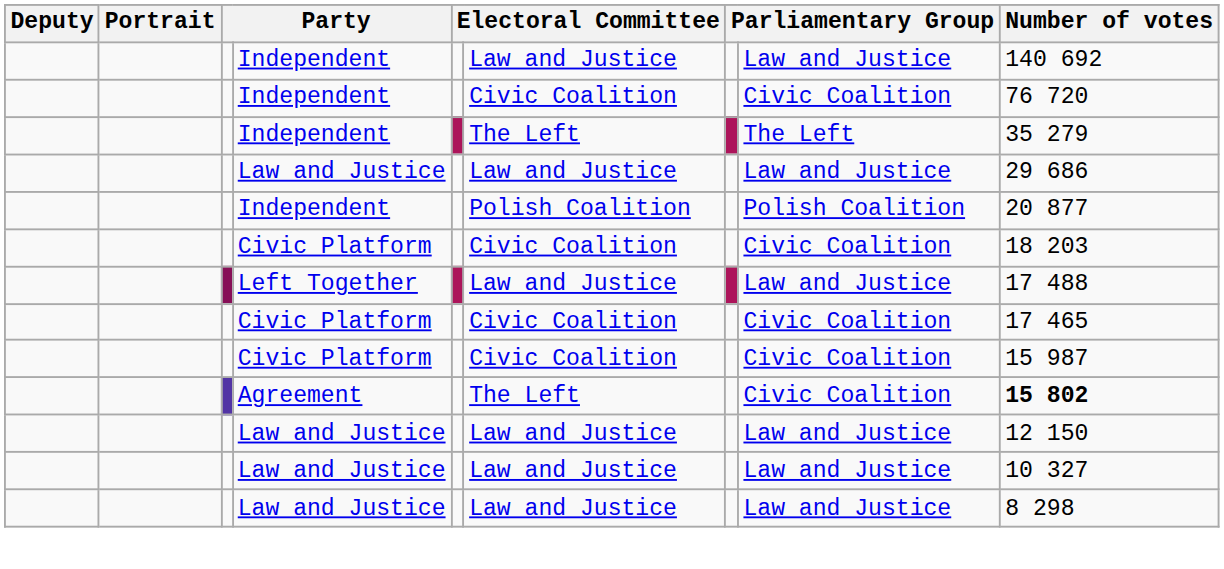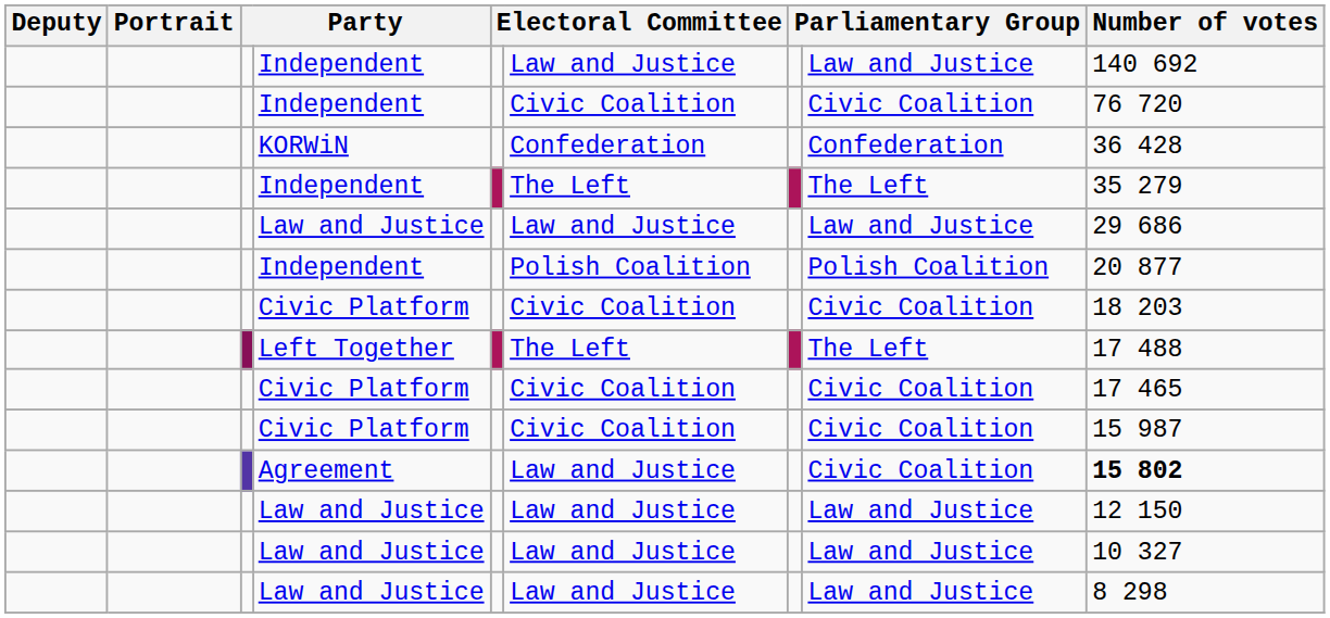 <table class="wikitable sortable" style="font-size:95%;line-height:14px;">
 <tr>
 <th>Deputy</th>
 <th>Portrait</th>
 <th colspan="2">Party</th>
 <th colspan="2">Electoral Committee</th>
 <th colspan="2">Parliamentary Group</th>
 <th>Number of votes</th>
 </tr>
 <tr>
 <td></td>
 <td></td>
 <td style="background:"></td>
 <td><a href='#'>Independent</a></td>
 <td style="background:"></td>
 <td><a href='#'>Law and Justice</a></td>
 <td style="background:"></td>
 <td><a href='#'>Law and Justice</a></td>
 <td>140 692</td>
 </tr>
 <tr>
 <td></td>
 <td></td>
 <td style="background:"></td>
 <td><a href='#'>Independent</a></td>
 <td style="background:"></td>
 <td><a href='#'>Civic Coalition</a></td>
 <td style="background:"></td>
 <td><a href='#'>Civic Coalition</a></td>
 <td>76 720</td>
+</tr>
+<tr>
+<td></td>
+<td></td>
+<td style="background:"></td>
+<td><a href='#'>KORWiN</a></td>
+<td style="background:"></td>
+<td><a href='#'>Confederation</a></td>
+<td style="background:"></td>
+<td><a href='#'>Confederation</a></td>
+<td>36 428</td>
 </tr>
 <tr>
 <td></td>
 <td></td>
 <td style="background:"></td>
 <td><a href='#'>Independent</a></td>
 <td style="background:#AC145A;"></td>
 <td><a href='#'>The Left</a></td>
 <td style="background:#AC145A;"></td>
 <td><a href='#'>The Left</a></td>
 <td>35 279</td>
 </tr>
 <tr>
 <td></td>
 <td></td>
 <td style="background:"></td>
 <td><a href='#'>Law and Justice</a></td>
 <td style="background:"></td>
 <td><a href='#'>Law and Justice</a></td>
 <td style="background:"></td>
 <td><a href='#'>Law and Justice</a></td>
 <td>29 686</td>
 </tr>
 <tr>
 <td></td>
 <td></td>
 <td style="background:"></td>
 <td><a href='#'>Independent</a></td>
 <td style="background:"></td>
 <td><a href='#'>Polish Coalition</a></td>
 <td style="background:"></td>
 <td><a href='#'>Polish Coalition</a></td>
 <td>20 877</td>
 </tr>
 <tr>
 <td></td>
 <td></td>
 <td style="background:"></td>
 <td><a href='#'>Civic Platform</a></td>
 <td style="background:"></td>
 <td><a href='#'>Civic Coalition</a></td>
 <td style="background:"></td>
 <td><a href='#'>Civic Coalition</a></td>
 <td>18 203</td>
 </tr>
 <tr>
 <td></td>
 <td></td>
 <td style="background:#870f57;"></td>
 <td><a href='#'>Left Together</a></td>
 <td style="background:#AC145A;"></td>
-<td><a href='#'>Law and Justice</a></td>
+<td><a href='#'>The Left</a></td>
 <td style="background:#AC145A;"></td>
-<td><a href='#'>Law and Justice</a></td>
+<td><a href='#'>The Left</a></td>
 <td>17 488</td>
 </tr>
 <tr>
 <td></td>
 <td></td>
 <td style="background:"></td>
 <td><a href='#'>Civic Platform</a></td>
 <td style="background:"></td>
 <td><a href='#'>Civic Coalition</a></td>
 <td style="background:"></td>
 <td><a href='#'>Civic Coalition</a></td>
 <td>17 465</td>
 </tr>
 <tr>
 <td></td>
 <td></td>
 <td style="background:"></td>
 <td><a href='#'>Civic Platform</a></td>
 <td style="background:"></td>
 <td><a href='#'>Civic Coalition</a></td>
 <td style="background:"></td>
 <td><a href='#'>Civic Coalition</a></td>
 <td>15 987</td>
 </tr>
 <tr>
 <td></td>
 <td></td>
 <td style="background:#5234A5;"></td>
 <td><a href='#'>Agreement</a></td>
 <td style="background:"></td>
-<td><a href='#'>The Left</a></td>
+<td><a href='#'>Law and Justice</a></td>
 <td style="background:"></td>
 <td><a href='#'>Civic Coalition</a></td>
 <td><strong>15 802</strong></td>
 </tr>
 <tr>
 <td></td>
 <td></td>
 <td style="background:"></td>
 <td><a href='#'>Law and Justice</a></td>
 <td style="background:"></td>
 <td><a href='#'>Law and Justice</a></td>
 <td style="background:"></td>
 <td><a href='#'>Law and Justice</a></td>
 <td>12 150</td>
 </tr>
 <tr>
 <td></td>
 <td></td>
 <td style="background:"></td>
 <td><a href='#'>Law and Justice</a></td>
 <td style="background:"></td>
 <td><a href='#'>Law and Justice</a></td>
 <td style="background:"></td>
 <td><a href='#'>Law and Justice</a></td>
 <td>10 327</td>
 </tr>
 <tr>
 <td></td>
 <td></td>
 <td style="background:"></td>
 <td><a href='#'>Law and Justice</a></td>
 <td style="background:"></td>
 <td><a href='#'>Law and Justice</a></td>
 <td style="background:"></td>
 <td><a href='#'>Law and Justice</a></td>
 <td>8 298</td>
 </tr>
 </table>
